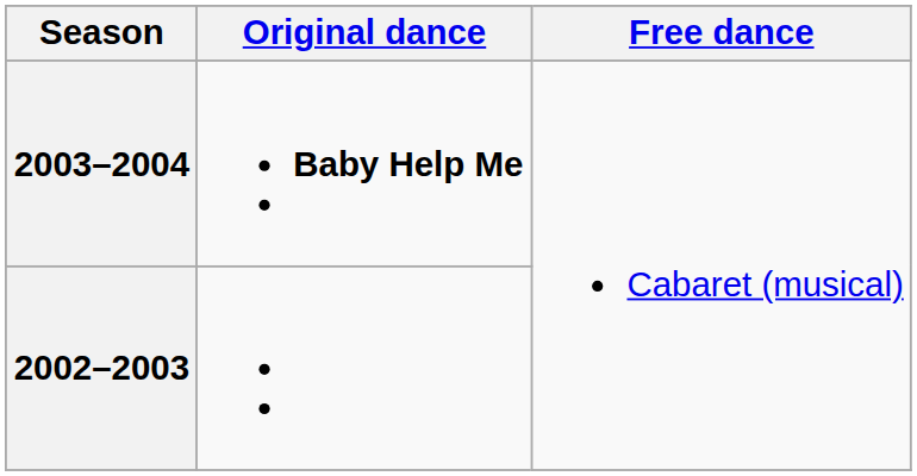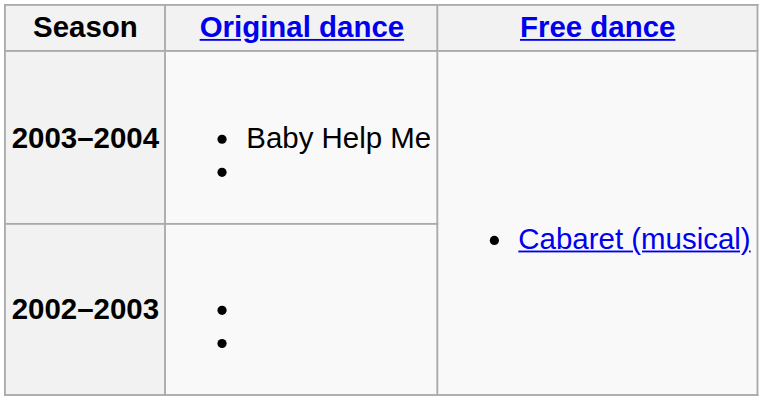 <table class=wikitable style=text-align:center>
 <tr>
 <th>Season</th>
 <th><a href='#'>Original dance</a></th>
 <th><a href='#'>Free dance</a></th>
 </tr>
 <tr>
 <th>2003–2004 <br> </th>
-<td><strong><br><ul><li> Baby Help Me <br></li><li></li></ul></strong></td>
+<td><br><ul><li> Baby Help Me <br></li><li></li></ul></td>
 <td rowspan=2><br><ul><li><a href='#'>Cabaret (musical)</a> <br></li></ul></td>
 </tr>
 <tr>
 <th>2002–2003 <br> </th>
 <td><br><ul><li> <br></li><li> <br></li></ul></td>
 </tr>
 </table>
